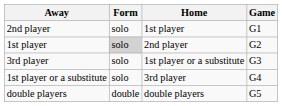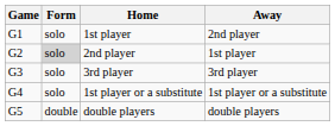 <table class="wikitable" style="font-size:100%">
 <tr>
-<th>Away</th>
+<th>Game</th>
 <th>Form</th>
 <th>Home</th>
-<th>Game</th>
+<th>Away</th>
 </tr>
 <tr>
-<td>2nd player</td>
+<td>G1</td>
 <td>solo</td>
 <td>1st player</td>
-<td>G1</td>
+<td>2nd player</td>
 </tr>
 <tr>
-<td>1st player</td>
+<td>G2</td>
 <td style="background: lightgrey;">solo</td>
 <td>2nd player</td>
-<td>G2</td>
+<td>1st player</td>
 </tr>
 <tr>
+<td>G3</td>
+<td>solo</td>
 <td>3rd player</td>
+<td>3rd player</td>
+</tr>
+<tr>
+<td>G4</td>
 <td>solo</td>
 <td>1st player or a substitute</td>
-<td>G3</td>
+<td>1st player or a substitute</td>
 </tr>
 <tr>
-<td>1st player or a substitute</td>
-<td>solo</td>
-<td>3rd player</td>
-<td>G4</td>
-</tr>
-<tr>
-<td>double players</td>
+<td>G5</td>
 <td>double</td>
 <td>double players</td>
-<td>G5</td>
+<td>double players</td>
 </tr>
 </table>
